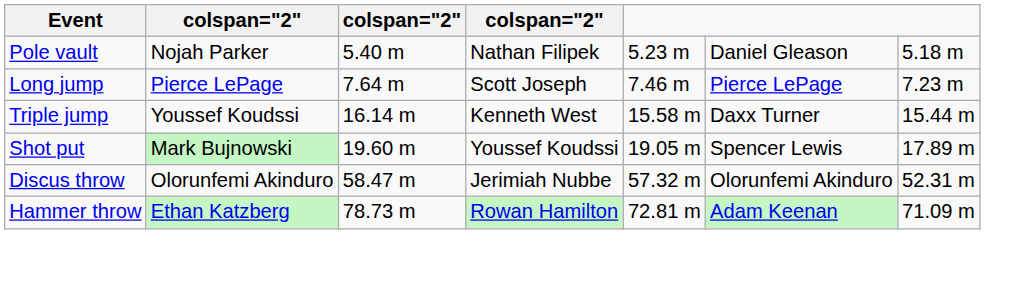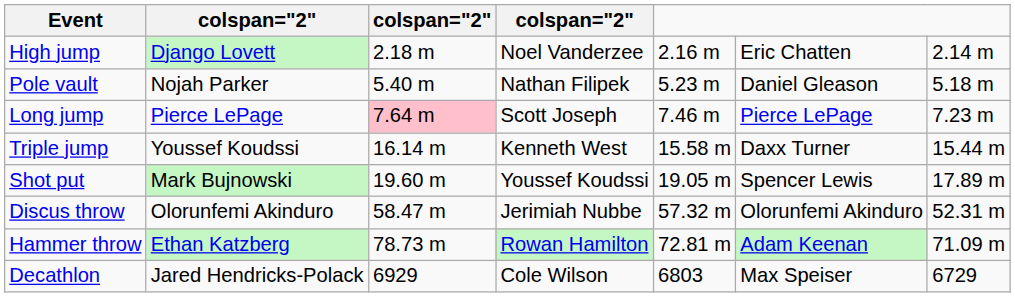 <table class="wikitable">
 <tr>
 <th>Event</th>
 <th>colspan="2" </th>
 <th>colspan="2" </th>
 <th>colspan="2" </th>
+</tr>
+<tr>
+<td><a href='#'>High jump</a></td>
+<td bgcolor=#C4F7C4><a href='#'>Django Lovett</a></td>
+<td>2.18 m</td>
+<td>Noel Vanderzee</td>
+<td>2.16 m</td>
+<td>Eric Chatten</td>
+<td>2.14 m</td>
 </tr>
 <tr>
 <td><a href='#'>Pole vault</a></td>
 <td>Nojah Parker</td>
 <td>5.40 m</td>
 <td>Nathan Filipek</td>
 <td>5.23 m</td>
 <td>Daniel Gleason</td>
 <td>5.18 m</td>
 </tr>
 <tr>
 <td><a href='#'>Long jump</a></td>
 <td><a href='#'>Pierce LePage</a></td>
-<td>7.64 m</td>
+<td style="background: pink;">7.64 m</td>
 <td>Scott Joseph</td>
 <td>7.46 m</td>
 <td><a href='#'>Pierce LePage</a></td>
 <td>7.23 m</td>
 </tr>
 <tr>
 <td><a href='#'>Triple jump</a></td>
 <td>Youssef Koudssi</td>
 <td>16.14 m</td>
 <td>Kenneth West</td>
 <td>15.58 m</td>
 <td>Daxx Turner</td>
 <td>15.44 m</td>
 </tr>
 <tr>
 <td><a href='#'>Shot put</a></td>
 <td bgcolor=#C4F7C4>Mark Bujnowski</td>
 <td>19.60 m</td>
 <td>Youssef Koudssi</td>
 <td>19.05 m</td>
 <td>Spencer Lewis</td>
 <td>17.89 m</td>
 </tr>
 <tr>
 <td><a href='#'>Discus throw</a></td>
 <td>Olorunfemi Akinduro</td>
 <td>58.47 m</td>
 <td>Jerimiah Nubbe</td>
 <td>57.32 m</td>
 <td>Olorunfemi Akinduro</td>
 <td>52.31 m</td>
 </tr>
 <tr>
 <td><a href='#'>Hammer throw</a></td>
 <td bgcolor=#C4F7C4><a href='#'>Ethan Katzberg</a></td>
 <td>78.73 m</td>
 <td bgcolor=#C4F7C4><a href='#'>Rowan Hamilton</a></td>
 <td>72.81 m</td>
 <td bgcolor=#C4F7C4><a href='#'>Adam Keenan</a></td>
 <td>71.09 m</td>
 </tr>
+<tr>
+<td><a href='#'>Decathlon</a></td>
+<td>Jared Hendricks-Polack</td>
+<td>6929</td>
+<td>Cole Wilson</td>
+<td>6803</td>
+<td>Max Speiser</td>
+<td>6729</td>
+</tr>
 </table>
